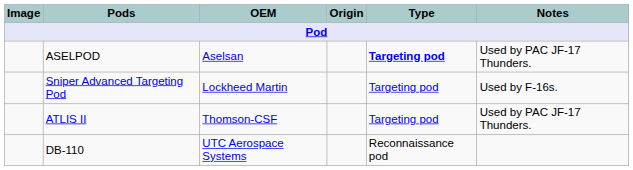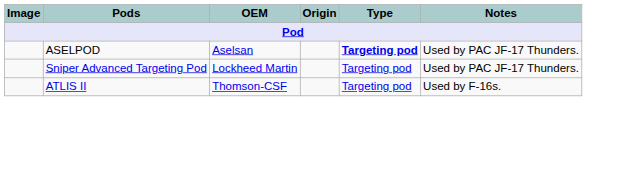 <table class="wikitable">
 <tr>
 <th style="text-align:center; background:#acc;">Image</th>
 <th style="text-align:center; background:#acc;">Pods</th>
 <th style="text-align:center; background:#acc;">OEM</th>
 <th style="text-align: center; background:#acc;">Origin</th>
 <th style="text-align:l center; background:#acc;">Type</th>
 <th style="text-align: center; background:#acc;">Notes</th>
 </tr>
 <tr>
 <th colspan="6" style="align: center; background: lavender;"><a href='#'>Pod</a></th>
 </tr>
 <tr>
 <td></td>
 <td>ASELPOD</td>
 <td><a href='#'>Aselsan</a></td>
 <td></td>
 <td><strong><a href='#'>Targeting pod</a></strong></td>
 <td>Used by PAC JF-17 Thunders.</td>
 </tr>
 <tr>
 <td></td>
 <td><a href='#'>Sniper Advanced Targeting Pod</a></td>
 <td><a href='#'>Lockheed Martin</a></td>
 <td></td>
 <td><a href='#'>Targeting pod</a></td>
-<td>Used by F-16s.</td>
+<td>Used by PAC JF-17 Thunders.</td>
 </tr>
 <tr>
 <td></td>
 <td><a href='#'>ATLIS II</a></td>
 <td><a href='#'>Thomson-CSF</a></td>
 <td></td>
 <td><a href='#'>Targeting pod</a></td>
-<td>Used by PAC JF-17 Thunders.</td>
-</tr>
-<tr>
-<td></td>
-<td>DB-110</td>
-<td><a href='#'>UTC Aerospace Systems</a></td>
-<td></td>
-<td>Reconnaissance pod</td>
-<td></td>
+<td>Used by F-16s.</td>
 </tr>
 </table>
